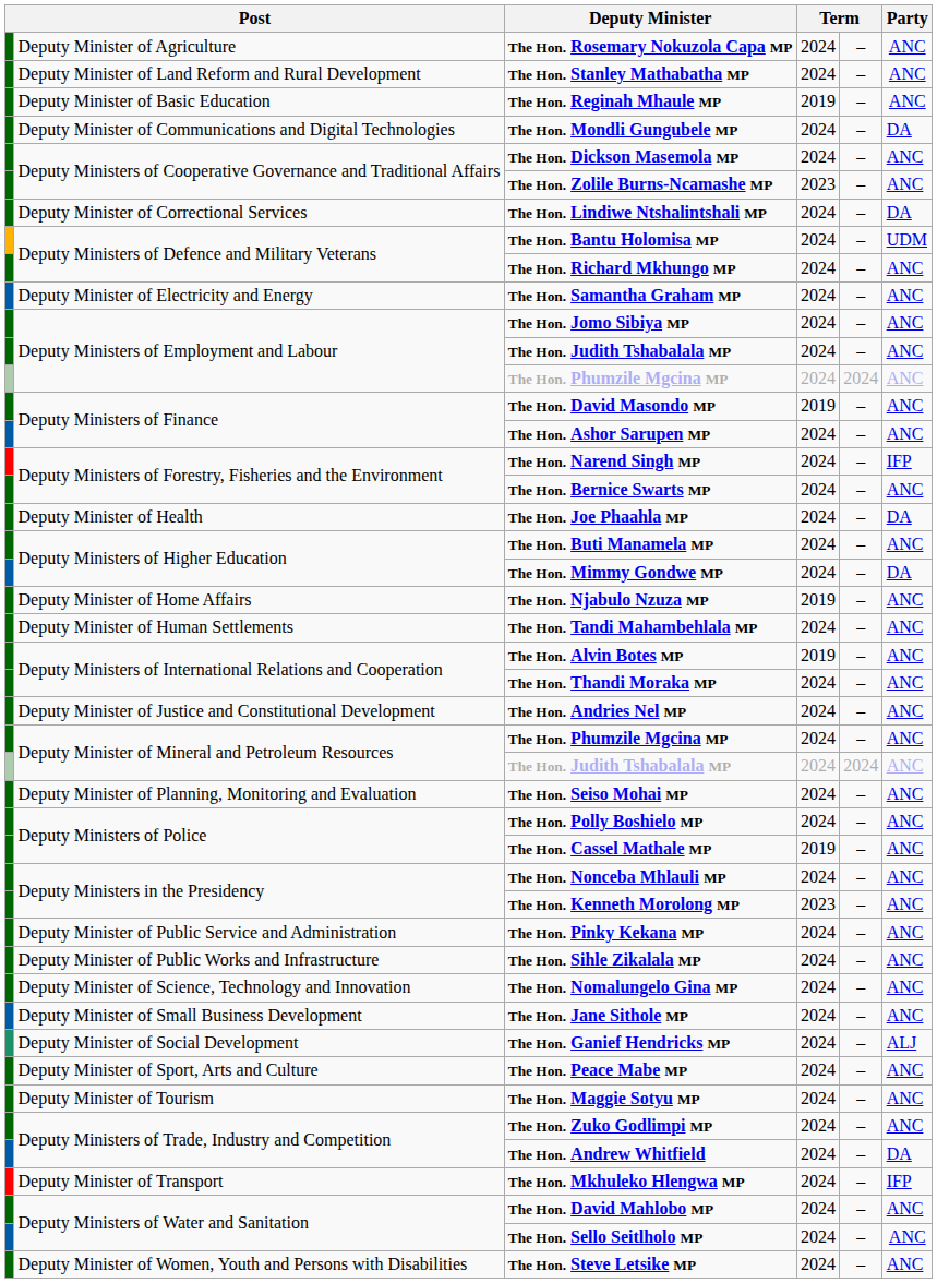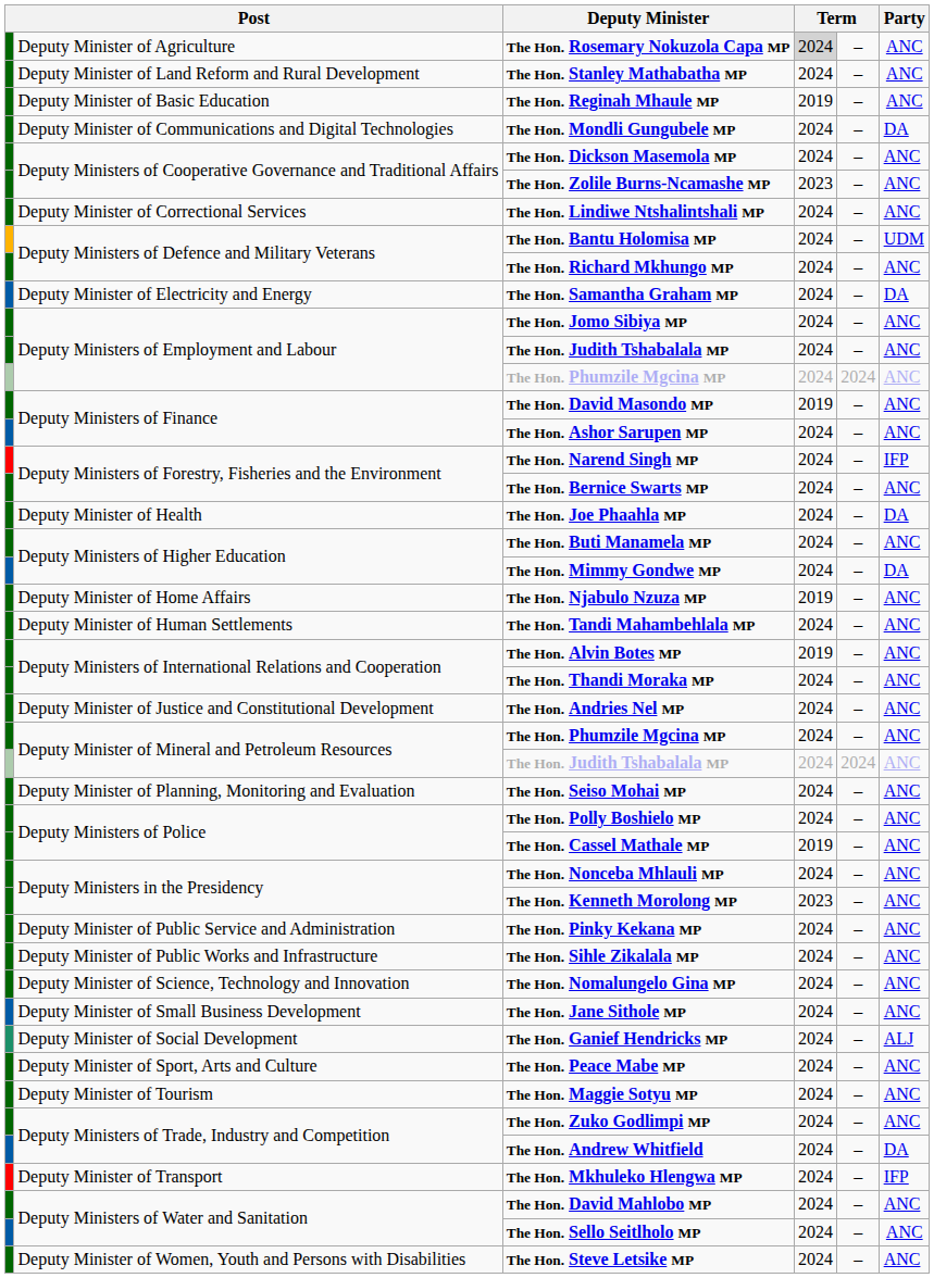 <table class="wikitable">
 <tr>
 <th colspan=2>Post</th>
 <th>Deputy Minister</th>
 <th colspan=2>Term</th>
 <th>Party</th>
 </tr>
 <tr>
 <td style="width:1px;; background:#006600;"></td>
 <td>Deputy Minister of Agriculture</td>
 <td><strong><small>The Hon.</small> <a href='#'>Rosemary Nokuzola Capa</a> <small>MP</small></strong></td>
-<td>2024</td>
+<td style="background: lightgrey;">2024</td>
 <td align="center">–</td>
 <td align="center"><a href='#'>ANC</a></td>
 </tr>
 <tr>
 <td style="width:1px;; background:#006600;"></td>
 <td>Deputy Minister of Land Reform and Rural Development</td>
 <td><strong><small>The Hon.</small> <a href='#'>Stanley Mathabatha</a> <small>MP</small></strong></td>
 <td>2024</td>
 <td align="center">–</td>
 <td align="center"><a href='#'>ANC</a></td>
 </tr>
 <tr>
 <td style="width:1px;; background:#006600;"></td>
 <td>Deputy Minister of Basic Education</td>
 <td><strong><small>The Hon.</small> <a href='#'>Reginah Mhaule</a> <small>MP</small></strong></td>
 <td>2019</td>
 <td align="center">–</td>
 <td align="center"><a href='#'>ANC</a></td>
 </tr>
 <tr>
 <td style="width:1px;; background:#006600;"></td>
 <td>Deputy Minister of Communications and Digital Technologies</td>
 <td><strong><small>The Hon.</small> <a href='#'>Mondli Gungubele</a> <small>MP</small></strong></td>
 <td>2024</td>
 <td align="center">–</td>
 <td><a href='#'>DA</a></td>
 </tr>
 <tr>
 <td style="width:1px;; background:#006600;"></td>
 <td rowspan="2">Deputy Ministers of Cooperative Governance and Traditional Affairs</td>
 <td><strong><small>The Hon.</small> <a href='#'>Dickson Masemola</a> <small>MP</small></strong></td>
 <td>2024</td>
 <td align="center">–</td>
 <td><a href='#'>ANC</a></td>
 </tr>
 <tr>
 <td style="width:1px;; background:#006600;"></td>
 <td><small><strong>The Hon.</strong></small> <strong><a href='#'>Zolile Burns‐Ncamashe</a> <small>MP</small></strong></td>
 <td>2023</td>
 <td align="center">–</td>
 <td><a href='#'>ANC</a></td>
 </tr>
 <tr>
 <td style="width:1px;; background:#006600;"></td>
 <td>Deputy Minister of Correctional Services</td>
 <td><small><strong>The Hon.</strong></small> <strong><a href='#'>Lindiwe Ntshalintshali</a> <small>MP</small></strong></td>
 <td>2024</td>
 <td align="center">–</td>
-<td><a href='#'>DA</a></td>
+<td><a href='#'>ANC</a></td>
 </tr>
 <tr>
 <td style="width:1px;; background:#FFB300;"></td>
 <td rowspan="2">Deputy Ministers of Defence and Military Veterans</td>
 <td><small><strong>The Hon.</strong></small> <strong><a href='#'>Bantu Holomisa</a> <small>MP</small></strong></td>
 <td>2024</td>
 <td align="center">–</td>
 <td><a href='#'>UDM</a></td>
 </tr>
 <tr>
 <td style="width:1px;; background:#006600;"></td>
 <td><small><strong>The Hon.</strong></small> <strong><a href='#'>Richard Mkhungo</a> <small>MP</small></strong></td>
 <td>2024</td>
 <td align="center">–</td>
 <td><a href='#'>ANC</a></td>
 </tr>
 <tr>
 <td style="width:1px;; background:#005BA6;"></td>
 <td>Deputy Minister of Electricity and Energy</td>
 <td><small><strong>The Hon.</strong></small> <strong><a href='#'>Samantha Graham</a> <small>MP</small></strong></td>
 <td>2024</td>
 <td align="center">–</td>
-<td><a href='#'>ANC</a></td>
+<td><a href='#'>DA</a></td>
 </tr>
 <tr>
 <td style="width:1px;; background:#006600;"></td>
 <td rowspan="3">Deputy Ministers of Employment and Labour</td>
 <td><small><strong>The Hon.</strong></small> <strong><a href='#'>Jomo Sibiya</a> <small>MP</small></strong></td>
 <td>2024</td>
 <td align="center">–</td>
 <td><a href='#'>ANC</a></td>
 </tr>
 <tr>
 <td style="width:1px;; background:#006600;"></td>
 <td><small><strong>The Hon.</strong></small> <strong><a href='#'>Judith Tshabalala</a> <small>MP</small></strong></td>
 <td>2024</td>
 <td align="center">–</td>
 <td><a href='#'>ANC</a></td>
 </tr>
 <tr style="opacity:.3;">
 <td style="width:1px;; background:#006600;"></td>
 <td><small><strong>The Hon.</strong></small> <strong><a href='#'>Phumzile Mgcina</a> <small>MP</small></strong></td>
 <td>2024</td>
 <td>2024</td>
 <td><a href='#'>ANC</a></td>
 </tr>
 <tr>
 <td style="width:1px;; background:#006600;"></td>
 <td rowspan="2">Deputy Ministers of Finance</td>
 <td><small><strong>The Hon.</strong></small> <strong><a href='#'>David Masondo</a> <small>MP</small></strong></td>
 <td>2019</td>
 <td align="center">–</td>
 <td><a href='#'>ANC</a></td>
 </tr>
 <tr>
 <td style="width:1px;; background:#005BA6;"></td>
 <td><small><strong>The Hon.</strong></small> <strong><a href='#'>Ashor Sarupen</a> <small>MP</small></strong></td>
 <td>2024</td>
 <td align="center">–</td>
 <td><a href='#'>ANC</a></td>
 </tr>
 <tr>
 <td style="width:1px;; background:#FF0000;"></td>
 <td rowspan="2">Deputy Ministers of Forestry, Fisheries and the Environment</td>
 <td><small><strong>The Hon.</strong></small> <strong><a href='#'>Narend Singh</a> <small>MP</small></strong></td>
 <td>2024</td>
 <td align="center">–</td>
 <td><a href='#'>IFP</a></td>
 </tr>
 <tr>
 <td style="width:1px;; background:#006600;"></td>
 <td><small><strong>The Hon.</strong></small> <strong><a href='#'>Bernice Swarts</a> <small>MP</small></strong></td>
 <td>2024</td>
 <td align="center">–</td>
 <td><a href='#'>ANC</a></td>
 </tr>
 <tr>
 <td style="width:1px;; background:#006600;"></td>
 <td>Deputy Minister of Health</td>
 <td><small><strong>The Hon.</strong></small> <strong><a href='#'>Joe Phaahla</a> <small>MP</small></strong></td>
 <td>2024</td>
 <td align="center">–</td>
 <td><a href='#'>DA</a></td>
 </tr>
 <tr>
 <td style="width:1px;; background:#006600;"></td>
 <td rowspan="2">Deputy Ministers of Higher Education</td>
 <td><small><strong>The Hon.</strong></small> <strong><a href='#'>Buti Manamela</a> <small>MP</small></strong></td>
 <td>2024</td>
 <td align="center">–</td>
 <td><a href='#'>ANC</a></td>
 </tr>
 <tr>
 <td style="width:1px;; background:#005BA6;"></td>
 <td><small><strong>The Hon.</strong></small> <strong><a href='#'>Mimmy Gondwe</a> <small>MP</small></strong></td>
 <td>2024</td>
 <td align="center">–</td>
 <td><a href='#'>DA</a></td>
 </tr>
 <tr>
 <td style="width:1px;; background:#006600;"></td>
 <td>Deputy Minister of Home Affairs</td>
 <td><small><strong>The Hon.</strong></small> <strong><a href='#'>Njabulo Nzuza</a> <small>MP</small></strong></td>
 <td>2019</td>
 <td align="center">–</td>
 <td><a href='#'>ANC</a></td>
 </tr>
 <tr>
 <td style="width:1px;; background:#006600;"></td>
 <td>Deputy Minister of Human Settlements</td>
 <td><small><strong>The Hon.</strong></small> <strong><a href='#'>Tandi Mahambehlala</a> <small>MP</small></strong></td>
 <td>2024</td>
 <td align="center">–</td>
 <td><a href='#'>ANC</a></td>
 </tr>
 <tr>
 <td style="width:1px;; background:#006600;"></td>
 <td rowspan="2">Deputy Ministers of International Relations and Cooperation</td>
 <td><small><strong>The Hon.</strong></small> <strong><a href='#'>Alvin Botes</a> <small>MP</small></strong></td>
 <td>2019</td>
 <td align="center">–</td>
 <td><a href='#'>ANC</a></td>
 </tr>
 <tr>
 <td style="width:1px;; background:#006600;"></td>
 <td><small><strong>The Hon.</strong></small> <strong><a href='#'>Thandi Moraka</a> <small>MP</small></strong></td>
 <td>2024</td>
 <td align="center">–</td>
 <td><a href='#'>ANC</a></td>
 </tr>
 <tr>
 <td style="width:1px;; background:#006600;"></td>
 <td>Deputy Minister of Justice and Constitutional Development</td>
 <td><small><strong>The Hon.</strong></small> <strong><a href='#'>Andries Nel</a> <small>MP</small></strong></td>
 <td>2024</td>
 <td align="center">–</td>
 <td><a href='#'>ANC</a></td>
 </tr>
 <tr>
 <td style="width:1px;; background:#006600;"></td>
 <td rowspan="2">Deputy Minister of Mineral and Petroleum Resources</td>
 <td><small><strong>The Hon.</strong></small> <strong><a href='#'>Phumzile Mgcina</a> <small>MP</small></strong></td>
 <td>2024</td>
 <td align="center">–</td>
 <td><a href='#'>ANC</a></td>
 </tr>
 <tr style="opacity:.3;">
 <td style="width:1px;; background:#006600;"></td>
 <td><small><strong>The Hon.</strong></small> <strong><a href='#'>Judith Tshabalala</a> <small>MP</small></strong></td>
 <td>2024</td>
 <td>2024</td>
 <td><a href='#'>ANC</a></td>
 </tr>
 <tr>
 <td style="width:1px;; background:#006600;"></td>
 <td>Deputy Minister of Planning, Monitoring and Evaluation</td>
 <td><small><strong>The Hon.</strong></small> <strong><a href='#'>Seiso Mohai</a> <small>MP</small></strong></td>
 <td>2024</td>
 <td align="center">–</td>
 <td><a href='#'>ANC</a></td>
 </tr>
 <tr>
 <td style="width:1px;; background:#006600;"></td>
 <td rowspan="2">Deputy Ministers of Police</td>
 <td><small><strong>The Hon.</strong></small> <strong><a href='#'>Polly Boshielo</a> <small>MP</small></strong></td>
 <td>2024</td>
 <td align="center">–</td>
 <td><a href='#'>ANC</a></td>
 </tr>
 <tr>
 <td style="width:1px;; background:#006600;"></td>
 <td><small><strong>The Hon.</strong></small> <strong><a href='#'>Cassel Mathale</a> <small>MP</small></strong></td>
 <td>2019</td>
 <td align="center">–</td>
 <td><a href='#'>ANC</a></td>
 </tr>
 <tr>
 <td style="width:1px;; background:#006600;"></td>
 <td rowspan="2">Deputy Ministers in the Presidency</td>
 <td><small><strong>The Hon.</strong></small> <strong><a href='#'>Nonceba Mhlauli</a> <small>MP</small></strong></td>
 <td>2024</td>
 <td align="center">–</td>
 <td><a href='#'>ANC</a></td>
 </tr>
 <tr>
 <td style="width:1px;; background:#006600;"></td>
 <td><small><strong>The Hon.</strong></small> <strong><a href='#'>Kenneth Morolong</a> <small>MP</small></strong></td>
 <td>2023</td>
 <td align="center">–</td>
 <td><a href='#'>ANC</a></td>
 </tr>
 <tr>
 <td style="width:1px;; background:#006600;"></td>
 <td>Deputy Minister of Public Service and Administration</td>
 <td><small><strong>The Hon.</strong></small> <strong><a href='#'>Pinky Kekana</a> <small>MP</small></strong></td>
 <td>2024</td>
 <td align="center">–</td>
 <td><a href='#'>ANC</a></td>
 </tr>
 <tr>
 <td style="width:1px;; background:#006600;"></td>
 <td>Deputy Minister of Public Works and Infrastructure</td>
 <td><small><strong>The Hon.</strong></small> <strong><a href='#'>Sihle Zikalala</a> <small>MP</small></strong></td>
 <td>2024</td>
 <td align="center">–</td>
 <td><a href='#'>ANC</a></td>
 </tr>
 <tr>
 <td style="width:1px;; background:#006600;"></td>
 <td>Deputy Minister of Science, Technology and Innovation</td>
 <td><small><strong>The Hon.</strong></small> <strong><a href='#'>Nomalungelo Gina</a> <small>MP</small></strong></td>
 <td>2024</td>
 <td align="center">–</td>
 <td><a href='#'>ANC</a></td>
 </tr>
 <tr>
 <td style="width:1px;; background:#005BA6;"></td>
 <td>Deputy Minister of Small Business Development</td>
 <td><small><strong>The Hon.</strong></small> <strong><a href='#'>Jane Sithole</a> <small>MP</small></strong></td>
 <td>2024</td>
 <td align="center">–</td>
 <td><a href='#'>ANC</a></td>
 </tr>
 <tr>
 <td style="width:1px;; background:#1c9069;"></td>
 <td>Deputy Minister of Social Development</td>
 <td><small><strong>The Hon.</strong></small> <strong><a href='#'>Ganief Hendricks</a> <small>MP</small></strong></td>
 <td>2024</td>
 <td align="center">–</td>
 <td><a href='#'>ALJ</a></td>
 </tr>
 <tr>
 <td style="width:1px;; background:#006600;"></td>
 <td>Deputy Minister of Sport, Arts and Culture</td>
 <td><small><strong>The Hon.</strong></small> <strong><a href='#'>Peace Mabe</a> <small>MP</small></strong></td>
 <td>2024</td>
 <td align="center">–</td>
 <td><a href='#'>ANC</a></td>
 </tr>
 <tr>
 <td style="width:1px;; background:#006600;"></td>
 <td>Deputy Minister of Tourism</td>
 <td><small><strong>The Hon.</strong></small> <strong><a href='#'>Maggie Sotyu</a> <small>MP</small></strong></td>
 <td>2024</td>
 <td align="center">–</td>
 <td><a href='#'>ANC</a></td>
 </tr>
 <tr>
 <td style="width:1px;; background:#006600;"></td>
 <td rowspan="2">Deputy Ministers of Trade, Industry and Competition</td>
 <td><small><strong>The Hon.</strong></small> <strong><a href='#'>Zuko Godlimpi</a> <small>MP</small></strong></td>
 <td>2024</td>
 <td align="center">–</td>
 <td><a href='#'>ANC</a></td>
 </tr>
 <tr>
 <td style="width:1px;; background:#005BA6;"></td>
 <td><small><strong>The Hon.</strong></small> <strong><a href='#'>Andrew Whitfield</a></strong></td>
 <td>2024</td>
 <td align="center">–</td>
 <td><a href='#'>DA</a></td>
 </tr>
 <tr>
 <td style="width:1px;; background:#FF0000;"></td>
 <td>Deputy Minister of Transport</td>
 <td><small><strong>The Hon.</strong></small> <strong><a href='#'>Mkhuleko Hlengwa</a> <small>MP</small></strong></td>
 <td>2024</td>
 <td align="center">–</td>
 <td><a href='#'>IFP</a></td>
 </tr>
 <tr>
 <td style="width:1px;; background:#006600;"></td>
 <td rowspan="2">Deputy Ministers of Water and Sanitation</td>
 <td><small><strong>The Hon.</strong></small> <strong><a href='#'>David Mahlobo</a> <small>MP</small></strong></td>
 <td>2024</td>
 <td align="center">–</td>
 <td><a href='#'>ANC</a></td>
 </tr>
 <tr>
 <td style="width:1px;; background:#005BA6;"></td>
 <td><small><strong>The Hon.</strong></small> <strong><a href='#'>Sello Seitlholo</a> <small>MP</small></strong></td>
 <td>2024</td>
 <td align="center">–</td>
 <td align="center"><a href='#'>ANC</a></td>
 </tr>
 <tr>
 <td style="width:1px;; background:#006600;"></td>
 <td>Deputy Minister of Women, Youth and Persons with Disabilities</td>
 <td><small><strong>The Hon.</strong></small> <strong><a href='#'>Steve Letsike</a> <small>MP</small></strong></td>
 <td>2024</td>
 <td align="center">–</td>
 <td><a href='#'>ANC</a></td>
 </tr>
 </table>
